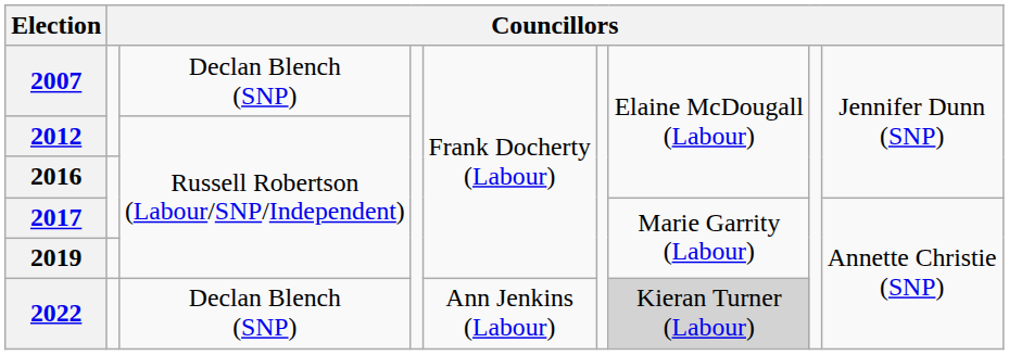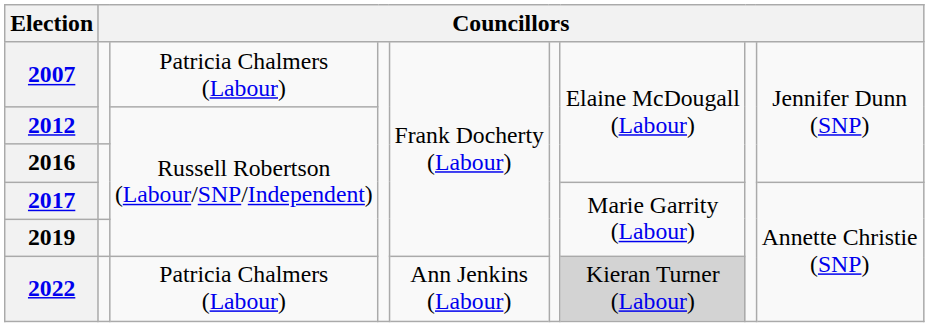 <table class="wikitable" style="text-align:center">
 <tr>
 <th>Election</th>
 <th colspan=8>Councillors</th>
 </tr>
 <tr>
 <th><a href='#'>2007</a></th>
 <td rowspan=2; style="background-color: "></td>
-<td rowspan=1>Declan Blench<br>(<a href='#'>SNP</a>)</td>
+<td rowspan=1>Patricia Chalmers<br>(<a href='#'>Labour</a>)</td>
 <td rowspan=6; style="background-color: "></td>
 <td rowspan=5>Frank Docherty<br>(<a href='#'>Labour</a>)</td>
 <td rowspan=6; style="background-color: "></td>
 <td rowspan=3>Elaine McDougall<br>(<a href='#'>Labour</a>)</td>
 <td rowspan=6; style="background-color: "></td>
 <td rowspan=3>Jennifer Dunn<br>(<a href='#'>SNP</a>)</td>
 </tr>
 <tr>
 <th><a href='#'>2012</a></th>
 <td rowspan=4>Russell Robertson<br>(<a href='#'>Labour</a>/<a href='#'>SNP</a>/<a href='#'>Independent</a>)</td>
 </tr>
 <tr>
 <th>2016</th>
 <td rowspan=2; style="background-color: "></td>
 </tr>
 <tr>
 <th><a href='#'>2017</a></th>
 <td rowspan=2>Marie Garrity<br>(<a href='#'>Labour</a>)</td>
 <td rowspan=3>Annette Christie<br>(<a href='#'>SNP</a>)</td>
 </tr>
 <tr>
 <th>2019</th>
 <td rowspan=1; style="background-color: "></td>
 </tr>
 <tr>
 <th><a href='#'>2022</a></th>
 <td rowspan=1; style="background-color: "></td>
-<td rowspan=1>Declan Blench<br>(<a href='#'>SNP</a>)</td>
+<td rowspan=1>Patricia Chalmers<br>(<a href='#'>Labour</a>)</td>
 <td rowspan=1>Ann Jenkins<br>(<a href='#'>Labour</a>)</td>
 <td rowspan=1 style="background: lightgrey;">Kieran Turner<br>(<a href='#'>Labour</a>)</td>
 </tr>
 </table>
